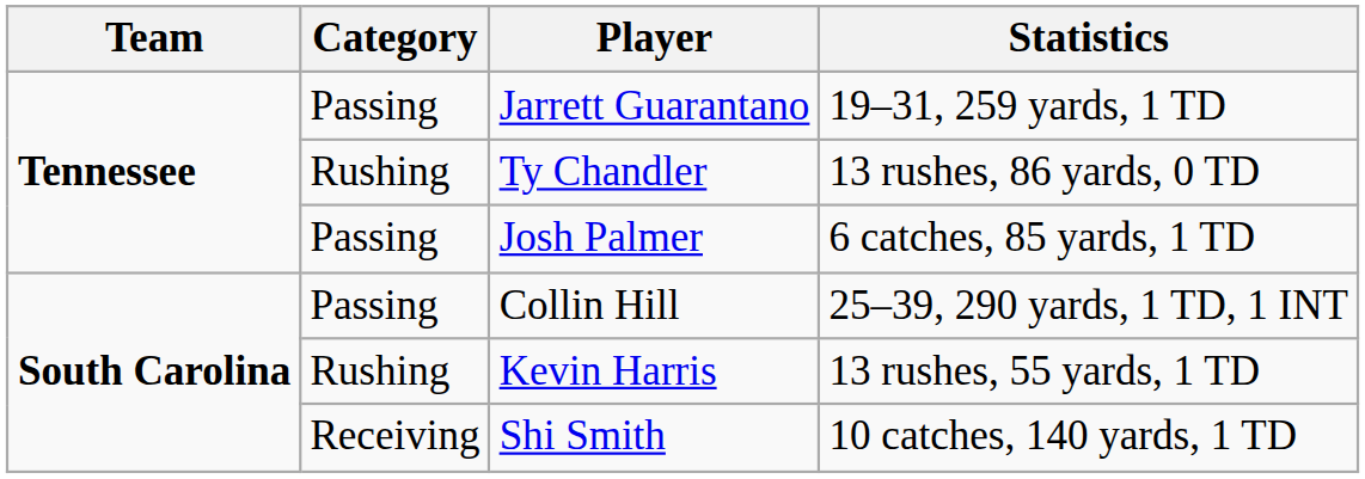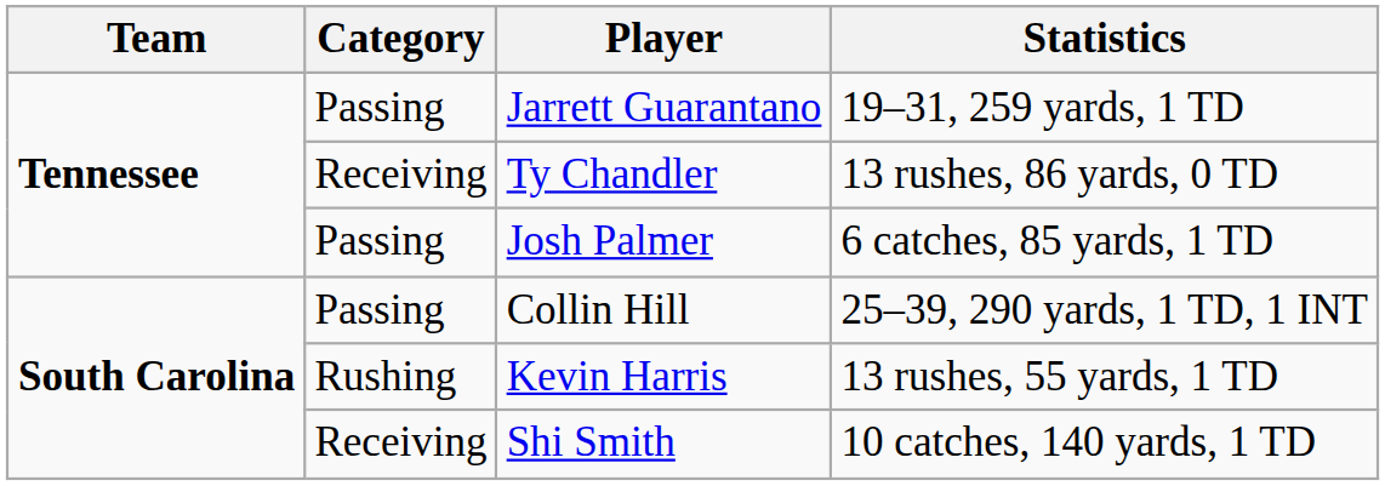 <table class="wikitable" style="float: right;">
 <tr>
 <th>Team</th>
 <th>Category</th>
 <th>Player</th>
 <th>Statistics</th>
 </tr>
 <tr>
 <td rowspan=3><strong>Tennessee</strong></td>
 <td>Passing</td>
 <td><a href='#'>Jarrett Guarantano</a></td>
 <td>19–31, 259 yards, 1 TD</td>
 </tr>
 <tr>
-<td>Rushing</td>
+<td>Receiving</td>
 <td><a href='#'>Ty Chandler</a></td>
 <td>13 rushes, 86 yards, 0 TD</td>
 </tr>
 <tr>
 <td>Passing</td>
 <td><a href='#'>Josh Palmer</a></td>
 <td>6 catches, 85 yards, 1 TD</td>
 </tr>
 <tr>
 <td rowspan=3><strong>South Carolina</strong></td>
 <td>Passing</td>
 <td>Collin Hill</td>
 <td>25–39, 290 yards, 1 TD, 1 INT</td>
 </tr>
 <tr>
 <td>Rushing</td>
 <td><a href='#'>Kevin Harris</a></td>
 <td>13 rushes, 55 yards, 1 TD</td>
 </tr>
 <tr>
 <td>Receiving</td>
 <td><a href='#'>Shi Smith</a></td>
 <td>10 catches, 140 yards, 1 TD</td>
 </tr>
 </table>
